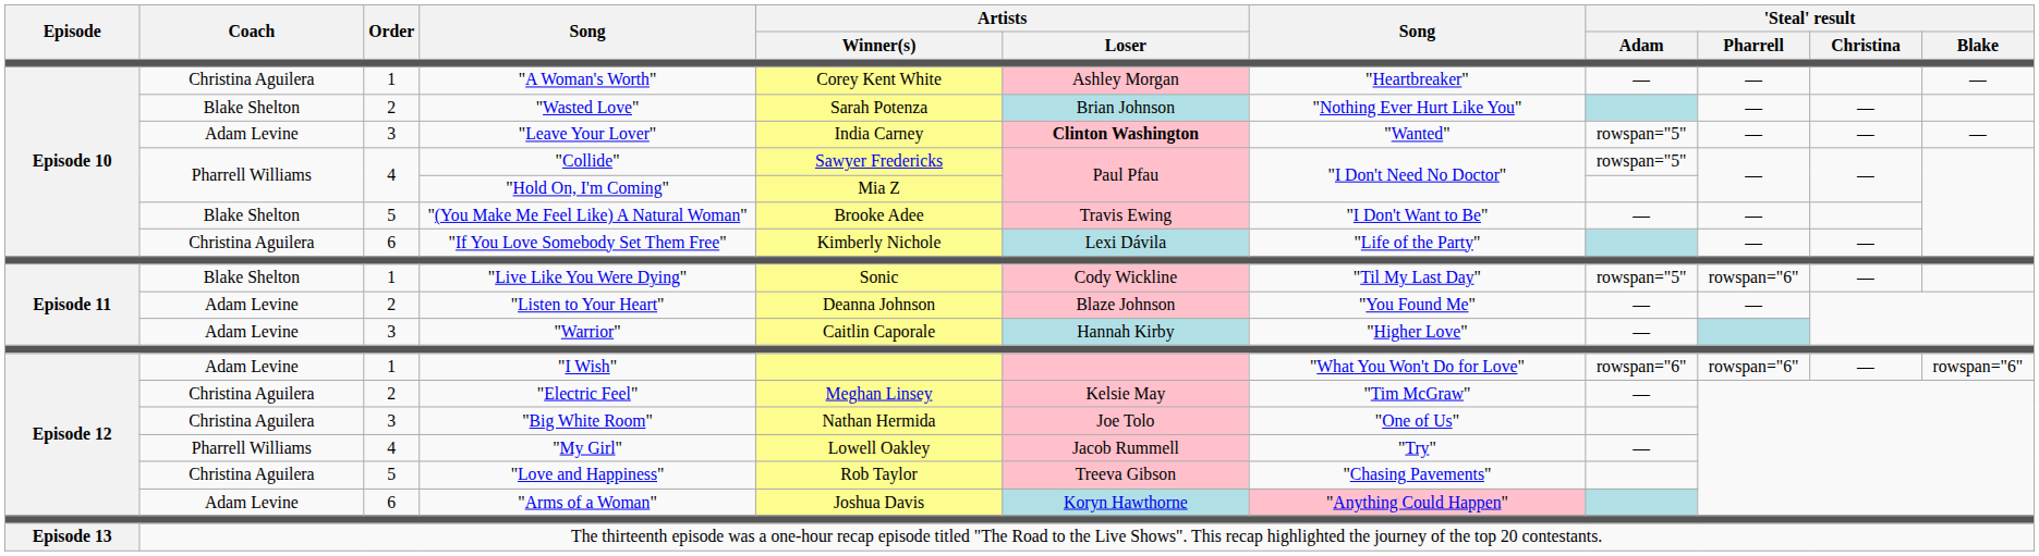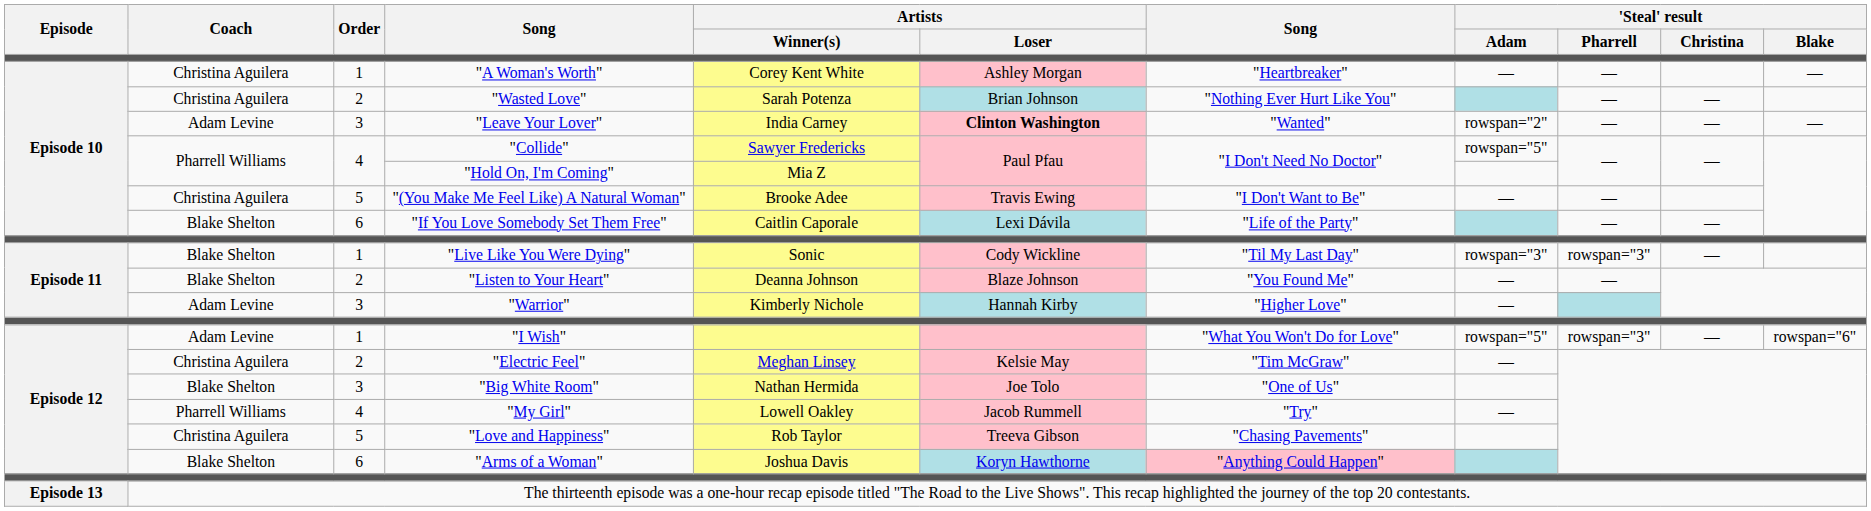 <table class="wikitable" style="text-align: center; width:120%;">
 <tr>
 <th rowspan="2" style="width:06%;">Episode</th>
 <th rowspan="2" style="width:10%;">Coach</th>
 <th rowspan="2" style="width:01%;">Order</th>
 <th rowspan="2" style="width:15%;">Song</th>
 <th colspan="2" style="width:22%;">Artists</th>
 <th rowspan="2" style="width:15%;">Song</th>
 <th colspan="4" style="width:20%;">'Steal' result</th>
 </tr>
 <tr>
 <th style="width:11%;">Winner(s)</th>
 <th style="width:11%;">Loser</th>
 <th style="width:05%;">Adam</th>
 <th style="width:05%;">Pharrell</th>
 <th style="width:05%;">Christina</th>
 <th style="width:05%;">Blake</th>
 </tr>
 <tr>
 <td colspan="11" style="background:#555;"></td>
 </tr>
 <tr>
 <th rowspan="7">Episode 10<br><small></small></th>
 <td>Christina Aguilera</td>
 <td>1</td>
 <td>"<a href='#'>A Woman's Worth</a>"</td>
 <td style="background:#fdfc8f;">Corey Kent White</td>
 <td style="background:pink;">Ashley Morgan</td>
 <td>"<a href='#'>Heartbreaker</a>"</td>
 <td>—</td>
 <td>—</td>
 <td></td>
 <td>—</td>
 </tr>
 <tr>
-<td>Blake Shelton</td>
+<td>Christina Aguilera</td>
 <td>2</td>
 <td>"<a href='#'>Wasted Love</a>"</td>
 <td style="background:#fdfc8f;">Sarah Potenza</td>
 <td style="background:#b0e0e6">Brian Johnson</td>
 <td>"<a href='#'>Nothing Ever Hurt Like You</a>"</td>
 <td style="background:#b0e0e6"><strong></strong></td>
 <td>—</td>
 <td>—</td>
 <td></td>
 </tr>
 <tr>
 <td>Adam Levine</td>
 <td>3</td>
 <td>"<a href='#'>Leave Your Lover</a>"</td>
 <td style="background:#fdfc8f;">India Carney</td>
 <td style="background:pink;"><strong>Clinton Washington</strong></td>
 <td>"<a href='#'>Wanted</a>"</td>
-<td>rowspan="5" </td>
+<td>rowspan="2" </td>
 <td>—</td>
 <td>—</td>
 <td>—</td>
 </tr>
 <tr>
 <td rowspan="2">Pharrell Williams</td>
 <td rowspan="2">4</td>
 <td>"<a href='#'>Collide</a>"</td>
 <td style="background:#fdfc8f;"><a href='#'>Sawyer Fredericks</a></td>
 <td rowspan="2" style="background:pink;">Paul Pfau</td>
 <td rowspan="2">"<a href='#'>I Don't Need No Doctor</a>"</td>
 <td>rowspan="5" </td>
 <td rowspan="2">—</td>
 <td rowspan="2">—</td>
 </tr>
 <tr>
 <td>"<a href='#'>Hold On, I'm Coming</a>"</td>
 <td style="background:#fdfc8f;">Mia Z</td>
 </tr>
 <tr>
-<td>Blake Shelton</td>
+<td>Christina Aguilera</td>
 <td>5</td>
 <td>"<a href='#'>(You Make Me Feel Like) A Natural Woman</a>"</td>
 <td style="background:#fdfc8f;">Brooke Adee</td>
 <td style="background:pink;">Travis Ewing</td>
 <td>"<a href='#'>I Don't Want to Be</a>"</td>
 <td>—</td>
 <td>—</td>
 <td></td>
 </tr>
 <tr>
-<td>Christina Aguilera</td>
+<td>Blake Shelton</td>
 <td>6</td>
 <td>"<a href='#'>If You Love Somebody Set Them Free</a>"</td>
-<td style="background:#fdfc8f;">Kimberly Nichole</td>
+<td style="background:#fdfc8f;">Caitlin Caporale</td>
 <td style="background:#b0e0e6">Lexi Dávila</td>
 <td>"<a href='#'>Life of the Party</a>"</td>
 <td style="background:#b0e0e6"><strong></strong></td>
 <td>—</td>
 <td>—</td>
 </tr>
 <tr>
 <td colspan="11" style="background:#555;"></td>
 </tr>
 <tr>
 <th rowspan="3">Episode 11<br><small></small></th>
 <td>Blake Shelton</td>
 <td>1</td>
 <td>"<a href='#'>Live Like You Were Dying</a>"</td>
 <td style="background:#fdfc8f;">Sonic</td>
 <td style="background:pink;">Cody Wickline</td>
 <td>"<a href='#'>Til My Last Day</a>"</td>
-<td>rowspan="5" </td>
-<td>rowspan="6" </td>
+<td>rowspan="3" </td>
+<td>rowspan="3" </td>
 <td>—</td>
 <td></td>
 </tr>
 <tr>
-<td>Adam Levine</td>
+<td>Blake Shelton</td>
 <td>2</td>
 <td>"<a href='#'>Listen to Your Heart</a>"</td>
 <td style="background:#fdfc8f;">Deanna Johnson</td>
 <td style="background:pink;">Blaze Johnson</td>
 <td>"<a href='#'>You Found Me</a>"</td>
 <td>—</td>
 <td>—</td>
 </tr>
 <tr>
 <td>Adam Levine</td>
 <td>3</td>
 <td>"<a href='#'>Warrior</a>"</td>
-<td style="background:#fdfc8f;">Caitlin Caporale</td>
+<td style="background:#fdfc8f;">Kimberly Nichole</td>
 <td style="background:#b0e0e6;">Hannah Kirby</td>
 <td>"<a href='#'>Higher Love</a>"</td>
 <td>—</td>
 <td style="background:#b0e0e6"><strong></strong></td>
 </tr>
 <tr>
 <td colspan="11" style="background:#555;"></td>
 </tr>
 <tr>
 <th rowspan="6">Episode 12<br><small></small></th>
 <td>Adam Levine</td>
 <td>1</td>
 <td>"<a href='#'>I Wish</a>"</td>
 <td style="background:#fdfc8f;"></td>
 <td style="background:pink;"></td>
 <td>"<a href='#'>What You Won't Do for Love</a>"</td>
-<td>rowspan="6" </td>
-<td>rowspan="6" </td>
+<td>rowspan="5" </td>
+<td>rowspan="3" </td>
 <td>—</td>
 <td>rowspan="6" </td>
 </tr>
 <tr>
 <td>Christina Aguilera</td>
 <td>2</td>
 <td>"<a href='#'>Electric Feel</a>"</td>
 <td style="background:#fdfc8f;"><a href='#'>Meghan Linsey</a></td>
 <td style="background:pink;">Kelsie May</td>
 <td>"<a href='#'>Tim McGraw</a>"</td>
 <td>—</td>
 </tr>
 <tr>
-<td>Christina Aguilera</td>
+<td>Blake Shelton</td>
 <td>3</td>
 <td>"<a href='#'>Big White Room</a>"</td>
 <td style="background:#fdfc8f;">Nathan Hermida</td>
 <td style="background:pink;">Joe Tolo</td>
 <td>"<a href='#'>One of Us</a>"</td>
 <td></td>
 </tr>
 <tr>
 <td>Pharrell Williams</td>
 <td>4</td>
 <td>"<a href='#'>My Girl</a>"</td>
 <td style="background:#fdfc8f;">Lowell Oakley</td>
 <td style="background:pink;">Jacob Rummell</td>
 <td>"<a href='#'>Try</a>"</td>
 <td>—</td>
 </tr>
 <tr>
 <td>Christina Aguilera</td>
 <td>5</td>
 <td>"<a href='#'>Love and Happiness</a>"</td>
 <td style="background:#fdfc8f;">Rob Taylor</td>
 <td style="background:pink;">Treeva Gibson</td>
 <td>"<a href='#'>Chasing Pavements</a>"</td>
 <td></td>
 </tr>
 <tr>
-<td>Adam Levine</td>
+<td>Blake Shelton</td>
 <td>6</td>
 <td>"<a href='#'>Arms of a Woman</a>"</td>
 <td style="background:#fdfc8f;">Joshua Davis</td>
 <td style="background:#b0e0e6"><a href='#'>Koryn Hawthorne</a></td>
 <td style="background: pink;">"<a href='#'>Anything Could Happen</a>"</td>
 <td style="background:#b0e0e6"><strong></strong></td>
 </tr>
 <tr>
 <td colspan="11" style="background:#555;"></td>
 </tr>
 <tr>
 <th>Episode 13<br><small></small></th>
 <td colspan="10">The thirteenth episode was a one-hour recap episode titled "The Road to the Live Shows". This recap highlighted the journey of the top 20 contestants.</td>
 </tr>
 </table>
